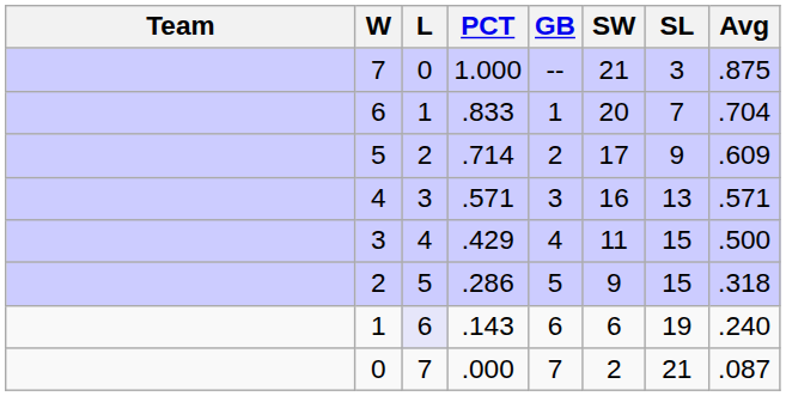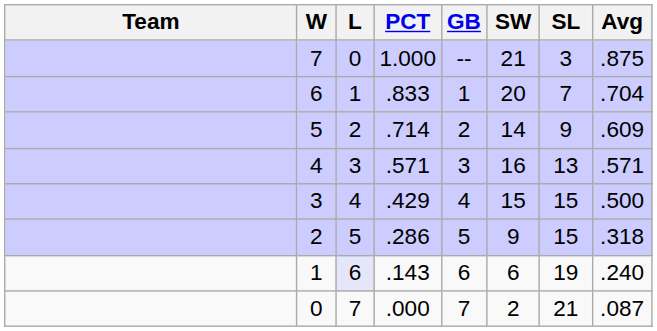 <table class=wikitable style="text-align:center;">
 <tr>
 <th style="width:200px;">Team</th>
 <th width=20px>W</th>
 <th width=20px>L</th>
 <th width=35px><a href='#'>PCT</a></th>
 <th width=25px><a href='#'>GB</a></th>
 <th width=30px>SW</th>
 <th width=30px>SL</th>
 <th width=35px>Avg</th>
 </tr>
 <tr style="background:#ccf;">
 <td align=left></td>
 <td>7</td>
 <td>0</td>
 <td>1.000</td>
 <td>--</td>
 <td>21</td>
 <td>3</td>
 <td>.875</td>
 </tr>
 <tr style="background:#ccf;">
 <td align=left></td>
 <td>6</td>
 <td>1</td>
 <td>.833</td>
 <td>1</td>
 <td>20</td>
 <td>7</td>
 <td>.704</td>
 </tr>
 <tr style="background:#ccf;">
 <td align=left></td>
 <td>5</td>
 <td>2</td>
 <td>.714</td>
 <td>2</td>
-<td>17</td>
+<td>14</td>
 <td>9</td>
 <td>.609</td>
 </tr>
 <tr style="background:#ccf;">
 <td align=left></td>
 <td>4</td>
 <td>3</td>
 <td>.571</td>
 <td>3</td>
 <td>16</td>
 <td>13</td>
 <td>.571</td>
 </tr>
 <tr style="background:#ccf;">
 <td align=left></td>
 <td>3</td>
 <td>4</td>
 <td>.429</td>
 <td>4</td>
-<td>11</td>
+<td>15</td>
 <td>15</td>
 <td>.500</td>
 </tr>
 <tr style="background:#ccf;">
 <td align=left></td>
 <td>2</td>
 <td>5</td>
 <td>.286</td>
 <td>5</td>
 <td>9</td>
 <td>15</td>
 <td>.318</td>
 </tr>
 <tr>
 <td align=left></td>
 <td>1</td>
 <td style="background: lavender;">6</td>
 <td>.143</td>
 <td>6</td>
 <td>6</td>
 <td>19</td>
 <td>.240</td>
 </tr>
 <tr>
 <td align=left></td>
 <td>0</td>
 <td>7</td>
 <td>.000</td>
 <td>7</td>
 <td>2</td>
 <td>21</td>
 <td>.087</td>
 </tr>
 </table>
